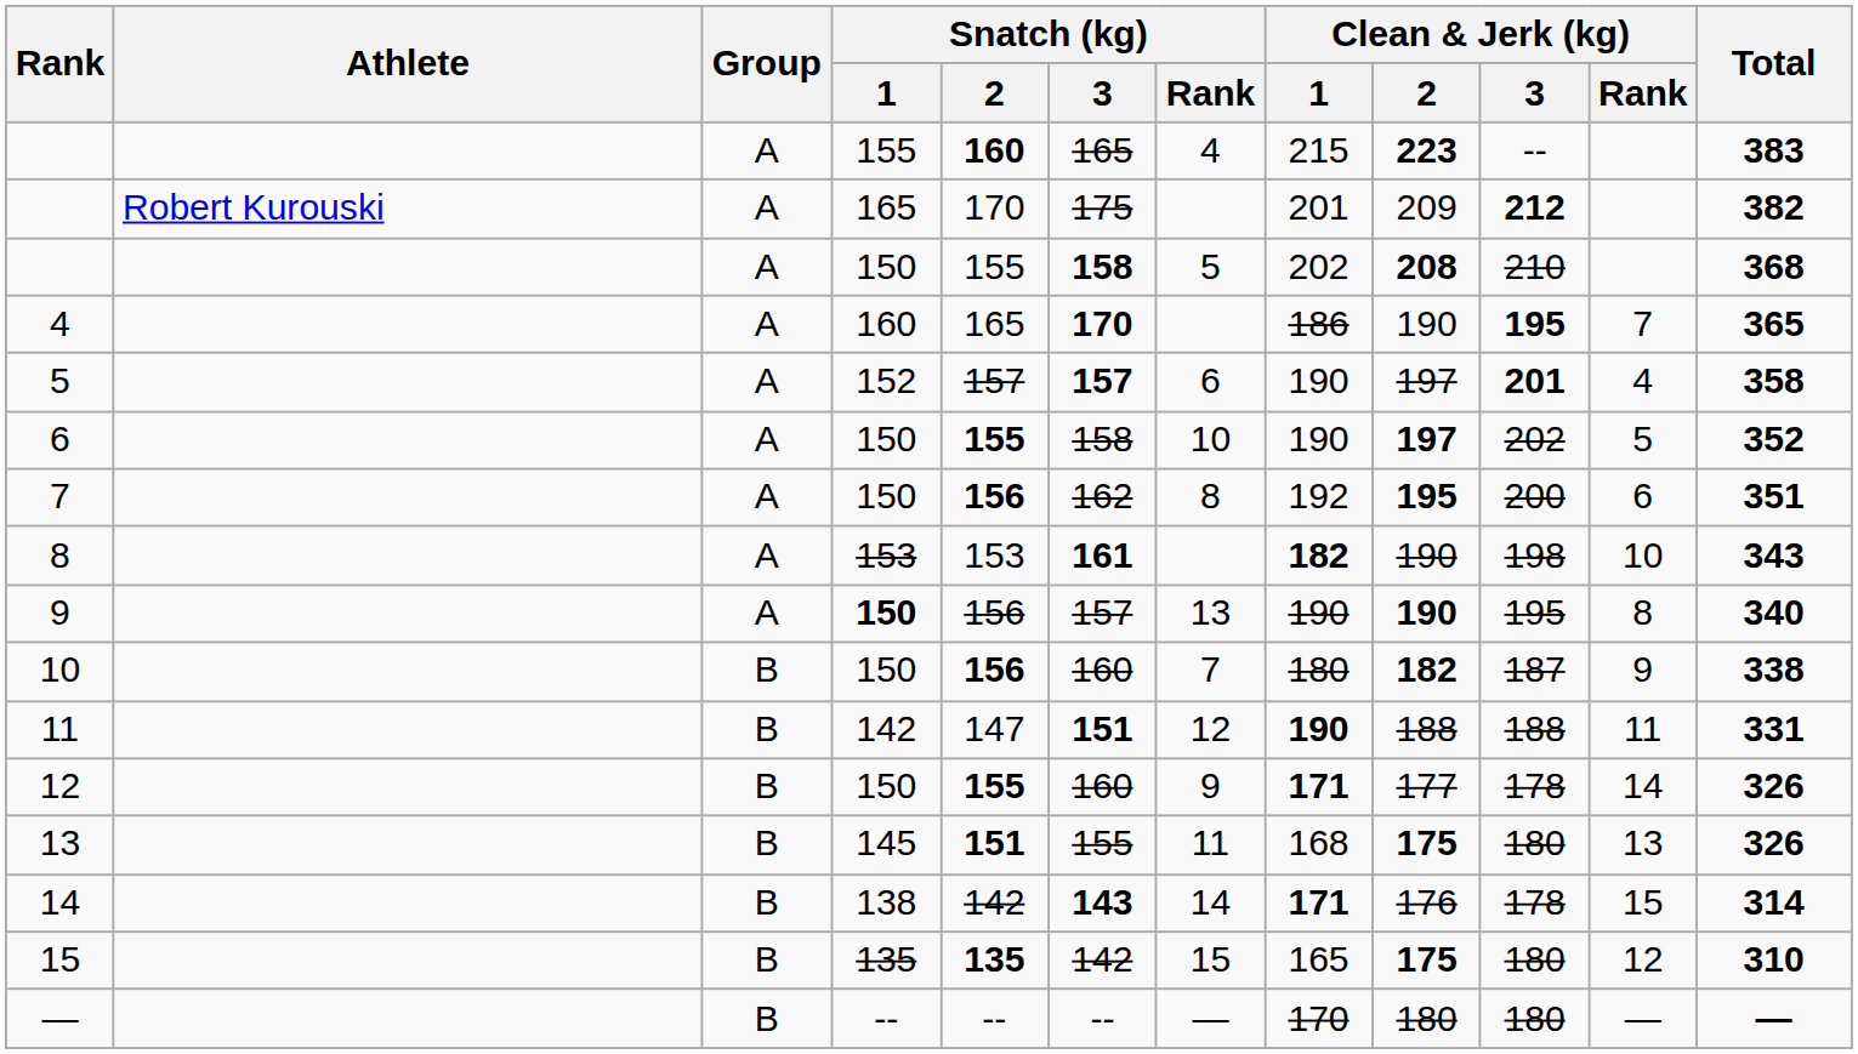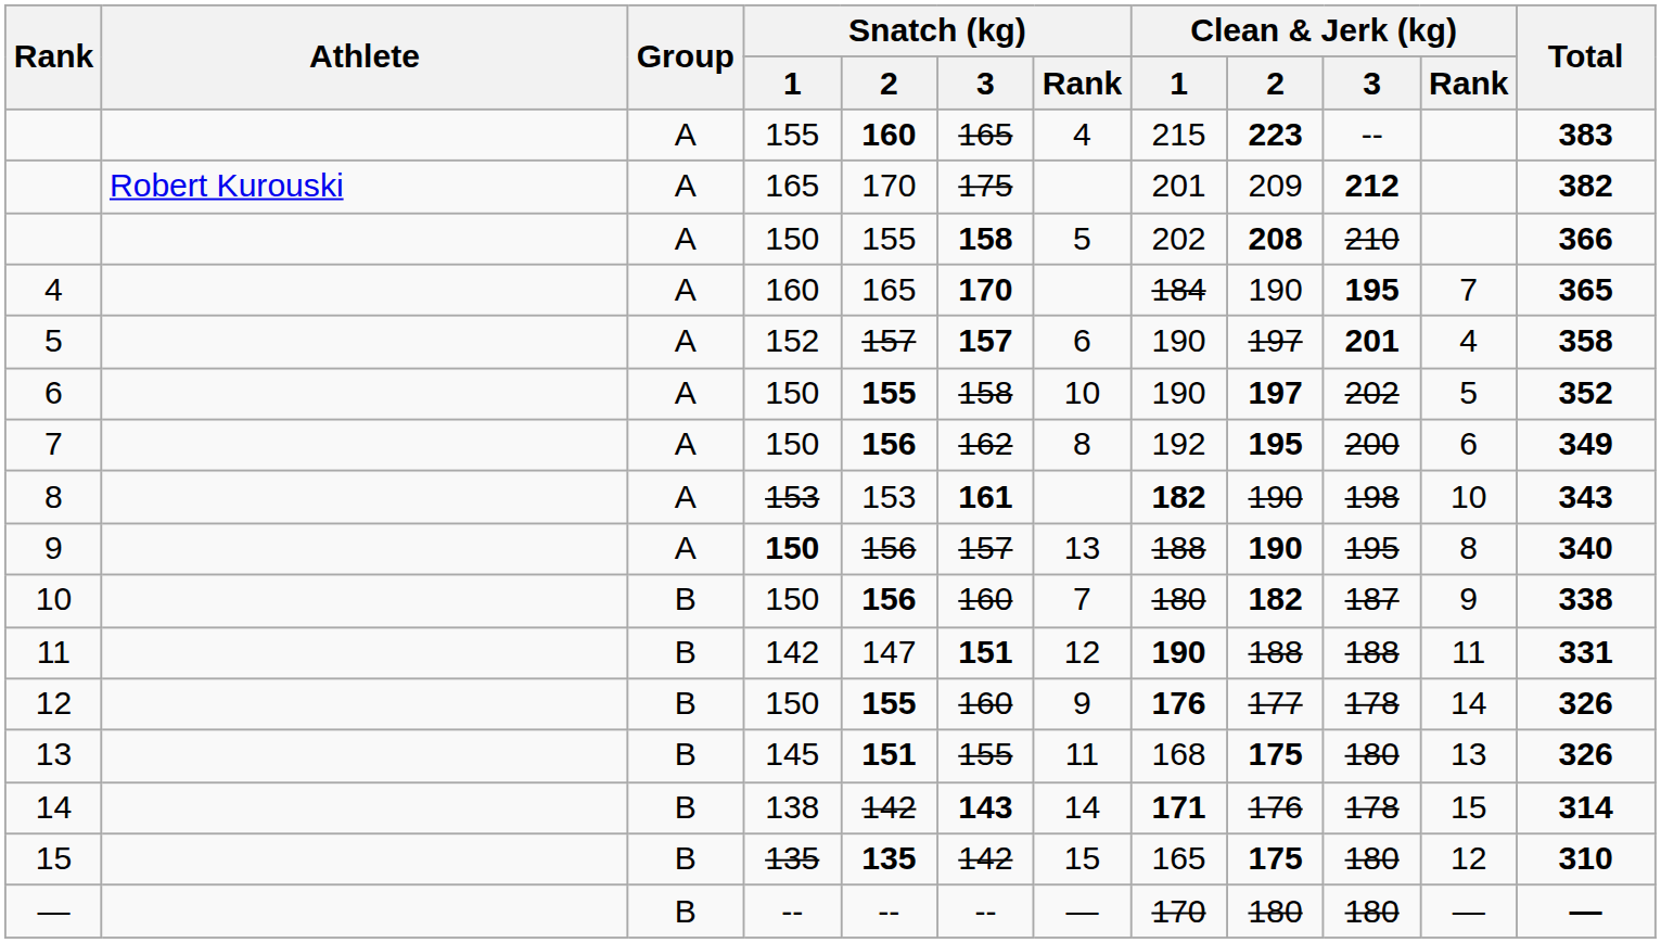 <table class = "wikitable" style="text-align:center;">
 <tr>
 <th rowspan=2 width=40>Rank</th>
 <th rowspan=2 width=250>Athlete</th>
 <th rowspan=2 width=50>Group</th>
 <th colspan=4>Snatch (kg)</th>
 <th colspan=4>Clean & Jerk (kg)</th>
 <th rowspan=2 width=60>Total</th>
 </tr>
 <tr>
 <th width=40>1</th>
 <th width=40>2</th>
 <th width=40>3</th>
 <th width=40>Rank</th>
 <th width=40>1</th>
 <th width=40>2</th>
 <th width=40>3</th>
 <th width=40>Rank</th>
 </tr>
 <tr>
 <td></td>
 <td align=left></td>
 <td>A</td>
 <td>155</td>
 <td><strong>160</strong></td>
 <td><s>165</s></td>
 <td>4</td>
 <td>215</td>
 <td><strong>223</strong></td>
 <td>--</td>
 <td></td>
 <td><strong>383</strong></td>
 </tr>
 <tr>
 <td></td>
 <td align=left> <a href='#'>Robert Kurouski</a> </td>
 <td>A</td>
 <td>165</td>
 <td>170</td>
 <td><s>175</s></td>
 <td></td>
 <td>201</td>
 <td>209</td>
 <td><strong>212</strong></td>
 <td></td>
 <td><strong>382</strong></td>
 </tr>
 <tr>
 <td></td>
 <td align=left></td>
 <td>A</td>
 <td>150</td>
 <td>155</td>
 <td><strong>158</strong></td>
 <td>5</td>
 <td>202</td>
 <td><strong>208</strong></td>
 <td><s>210</s></td>
 <td></td>
-<td><strong>368</strong></td>
+<td><strong>366</strong></td>
 </tr>
 <tr>
 <td>4</td>
 <td align=left></td>
 <td>A</td>
 <td>160</td>
 <td>165</td>
 <td><strong>170</strong></td>
 <td></td>
-<td><s>186</s></td>
+<td><s>184</s></td>
 <td>190</td>
 <td><strong>195</strong></td>
 <td>7</td>
 <td><strong>365</strong></td>
 </tr>
 <tr>
 <td>5</td>
 <td align=left></td>
 <td>A</td>
 <td>152</td>
 <td><s>157</s></td>
 <td><strong>157</strong></td>
 <td>6</td>
 <td>190</td>
 <td><s>197</s></td>
 <td><strong>201</strong></td>
 <td>4</td>
 <td><strong>358</strong></td>
 </tr>
 <tr>
 <td>6</td>
 <td align=left></td>
 <td>A</td>
 <td>150</td>
 <td><strong>155</strong></td>
 <td><s>158</s></td>
 <td>10</td>
 <td>190</td>
 <td><strong>197</strong></td>
 <td><s>202</s></td>
 <td>5</td>
 <td><strong>352</strong></td>
 </tr>
 <tr>
 <td>7</td>
 <td align=left></td>
 <td>A</td>
 <td>150</td>
 <td><strong>156</strong></td>
 <td><s>162</s></td>
 <td>8</td>
 <td>192</td>
 <td><strong>195</strong></td>
 <td><s>200</s></td>
 <td>6</td>
-<td><strong>351</strong></td>
+<td><strong>349</strong></td>
 </tr>
 <tr>
 <td>8</td>
 <td align=left></td>
 <td>A</td>
 <td><s>153</s></td>
 <td>153</td>
 <td><strong>161</strong></td>
 <td></td>
 <td><strong>182</strong></td>
 <td><s>190</s></td>
 <td><s>198</s></td>
 <td>10</td>
 <td><strong>343</strong></td>
 </tr>
 <tr>
 <td>9</td>
 <td align=left></td>
 <td>A</td>
 <td><strong>150</strong></td>
 <td><s>156</s></td>
 <td><s>157</s></td>
 <td>13</td>
-<td><s>190</s></td>
+<td><s>188</s></td>
 <td><strong>190</strong></td>
 <td><s>195</s></td>
 <td>8</td>
 <td><strong>340</strong></td>
 </tr>
 <tr>
 <td>10</td>
 <td align=left></td>
 <td>B</td>
 <td>150</td>
 <td><strong>156</strong></td>
 <td><s>160</s></td>
 <td>7</td>
 <td><s>180</s></td>
 <td><strong>182</strong></td>
 <td><s>187</s></td>
 <td>9</td>
 <td><strong>338</strong></td>
 </tr>
 <tr>
 <td>11</td>
 <td align=left></td>
 <td>B</td>
 <td>142</td>
 <td>147</td>
 <td><strong>151</strong></td>
 <td>12</td>
 <td><strong>190</strong></td>
 <td><s>188</s></td>
 <td><s>188</s></td>
 <td>11</td>
 <td><strong>331</strong></td>
 </tr>
 <tr>
 <td>12</td>
 <td align=left></td>
 <td>B</td>
 <td>150</td>
 <td><strong>155</strong></td>
 <td><s>160</s></td>
 <td>9</td>
-<td><strong>171</strong></td>
+<td><strong>176</strong></td>
 <td><s>177</s></td>
 <td><s>178</s></td>
 <td>14</td>
 <td><strong>326</strong></td>
 </tr>
 <tr>
 <td>13</td>
 <td align=left></td>
 <td>B</td>
 <td>145</td>
 <td><strong>151</strong></td>
 <td><s>155</s></td>
 <td>11</td>
 <td>168</td>
 <td><strong>175</strong></td>
 <td><s>180</s></td>
 <td>13</td>
 <td><strong>326</strong></td>
 </tr>
 <tr>
 <td>14</td>
 <td align=left></td>
 <td>B</td>
 <td>138</td>
 <td><s>142</s></td>
 <td><strong>143</strong></td>
 <td>14</td>
 <td><strong>171</strong></td>
 <td><s>176</s></td>
 <td><s>178</s></td>
 <td>15</td>
 <td><strong>314</strong></td>
 </tr>
 <tr>
 <td>15</td>
 <td align=left></td>
 <td>B</td>
 <td><s>135</s></td>
 <td><strong>135</strong></td>
 <td><s>142</s></td>
 <td>15</td>
 <td>165</td>
 <td><strong>175</strong></td>
 <td><s>180</s></td>
 <td>12</td>
 <td><strong>310</strong></td>
 </tr>
 <tr>
 <td>—</td>
 <td align=left></td>
 <td>B</td>
 <td>--</td>
 <td>--</td>
 <td>--</td>
 <td>—</td>
 <td><s>170</s></td>
 <td><s>180</s></td>
 <td><s>180</s></td>
 <td>—</td>
 <td><strong>—</strong></td>
 </tr>
 </table>
